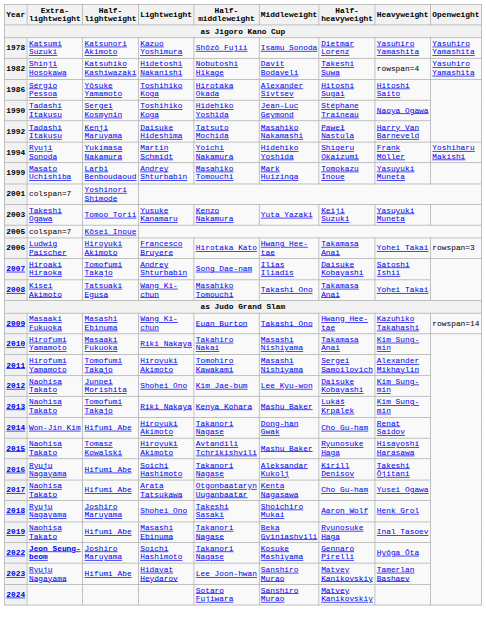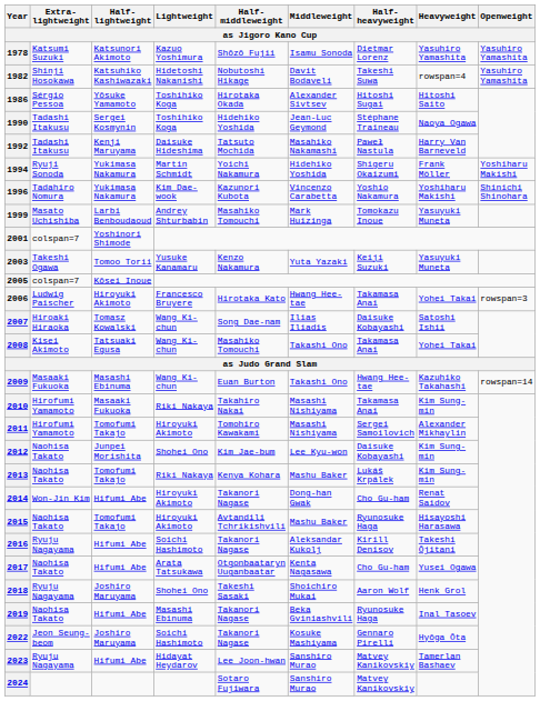 <table class=wikitable style="font-size:85%;">
 <tr>
 <th>Year</th>
 <th>Extra-lightweight</th>
 <th>Half-lightweight</th>
 <th>Lightweight</th>
 <th>Half-middleweight</th>
 <th>Middleweight</th>
 <th>Half-heavyweight</th>
 <th>Heavyweight</th>
 <th>Openweight</th>
 </tr>
 <tr>
 <th colspan=9>as Jigoro Kano Cup</th>
 </tr>
 <tr>
 <th>1978</th>
 <td> <a href='#'>Katsumi Suzuki</a></td>
 <td> <a href='#'>Katsunori Akimoto</a></td>
 <td> <a href='#'>Kazuo Yoshimura</a></td>
 <td> <a href='#'>Shōzō Fujii</a></td>
 <td> <a href='#'>Isamu Sonoda</a></td>
 <td> <a href='#'>Dietmar Lorenz</a></td>
 <td> <a href='#'>Yasuhiro Yamashita</a></td>
 <td> <a href='#'>Yasuhiro Yamashita</a></td>
 </tr>
 <tr>
 <th>1982</th>
 <td> <a href='#'>Shinji Hosokawa</a></td>
 <td> <a href='#'>Katsuhiko Kashiwazaki</a></td>
 <td> <a href='#'>Hidetoshi Nakanishi</a></td>
 <td> <a href='#'>Nobutoshi Hikage</a></td>
 <td> <a href='#'>Davit Bodaveli</a></td>
 <td> <a href='#'>Takeshi Suwa</a></td>
 <td>rowspan=4 </td>
 <td> <a href='#'>Yasuhiro Yamashita</a></td>
 </tr>
 <tr>
 <th>1986</th>
 <td> <a href='#'>Sérgio Pessoa</a></td>
 <td> <a href='#'>Yōsuke Yamamoto</a></td>
 <td> <a href='#'>Toshihiko Koga</a></td>
 <td> <a href='#'>Hirotaka Okada</a></td>
 <td> <a href='#'>Alexander Sivtsev</a></td>
 <td> <a href='#'>Hitoshi Sugai</a></td>
 <td> <a href='#'>Hitoshi Saito</a></td>
 </tr>
 <tr>
 <th>1990</th>
 <td> <a href='#'>Tadashi Itakusu</a></td>
 <td> <a href='#'>Sergei Kosmynin</a></td>
 <td> <a href='#'>Toshihiko Koga</a></td>
 <td> <a href='#'>Hidehiko Yoshida</a></td>
 <td> <a href='#'>Jean-Luc Geymond</a></td>
 <td> <a href='#'>Stéphane Traineau</a></td>
 <td> <a href='#'>Naoya Ogawa</a></td>
 </tr>
 <tr>
 <th>1992</th>
 <td> <a href='#'>Tadashi Itakusu</a></td>
 <td> <a href='#'>Kenji Maruyama</a></td>
 <td> <a href='#'>Daisuke Hideshima</a></td>
 <td> <a href='#'>Tatsuto Mochida</a></td>
 <td> <a href='#'>Masahiko Nakamashi</a></td>
 <td> <a href='#'>Paweł Nastula</a></td>
 <td> <a href='#'>Harry Van Barneveld</a></td>
 </tr>
 <tr>
 <th>1994</th>
 <td> <a href='#'>Ryuji Sonoda</a></td>
 <td> <a href='#'>Yukimasa Nakamura</a></td>
 <td> <a href='#'>Martin Schmidt</a></td>
 <td> <a href='#'>Yoichi Nakamura</a></td>
 <td> <a href='#'>Hidehiko Yoshida</a></td>
 <td> <a href='#'>Shigeru Okaizumi</a></td>
 <td> <a href='#'>Frank Möller</a></td>
 <td> <a href='#'>Yoshiharu Makishi</a></td>
 </tr>
 <tr>
+<th>1996</th>
+<td> <a href='#'>Tadahiro Nomura</a></td>
+<td> <a href='#'>Yukimasa Nakamura</a></td>
+<td> <a href='#'>Kim Dae-wook</a></td>
+<td> <a href='#'>Kazunori Kubota</a></td>
+<td> <a href='#'>Vincenzo Carabetta</a></td>
+<td> <a href='#'>Yoshio Nakamura</a></td>
+<td> <a href='#'>Yoshiharu Makishi</a></td>
+<td> <a href='#'>Shinichi Shinohara</a></td>
+</tr>
+<tr>
 <th>1999</th>
 <td> <a href='#'>Masato Uchishiba</a></td>
 <td> <a href='#'>Larbi Benboudaoud</a></td>
 <td> <a href='#'>Andrey Shturbabin</a></td>
 <td> <a href='#'>Masahiko Tomouchi</a></td>
 <td> <a href='#'>Mark Huizinga</a></td>
 <td> <a href='#'>Tomokazu Inoue</a></td>
 <td> <a href='#'>Yasuyuki Muneta</a></td>
 <td></td>
 </tr>
 <tr>
 <th>2001</th>
 <td>colspan=7 </td>
 <td> <a href='#'>Yoshinori Shimode</a></td>
 </tr>
 <tr>
 <th>2003</th>
 <td> <a href='#'>Takeshi Ogawa</a></td>
 <td> <a href='#'>Tomoo Torii</a></td>
 <td> <a href='#'>Yusuke Kanamaru</a></td>
 <td> <a href='#'>Kenzo Nakamura</a></td>
 <td> <a href='#'>Yuta Yazaki</a></td>
 <td> <a href='#'>Keiji Suzuki</a></td>
 <td> <a href='#'>Yasuyuki Muneta</a></td>
 <td></td>
 </tr>
 <tr>
 <th>2005</th>
 <td>colspan=7 </td>
 <td> <a href='#'>Kōsei Inoue</a></td>
 </tr>
 <tr>
 <th>2006</th>
 <td> <a href='#'>Ludwig Paischer</a></td>
 <td> <a href='#'>Hiroyuki Akimoto</a></td>
 <td> <a href='#'>Francesco Bruyere</a></td>
 <td> <a href='#'>Hirotaka Kato</a></td>
 <td> <a href='#'>Hwang Hee-tae</a></td>
 <td> <a href='#'>Takamasa Anai</a></td>
 <td> <a href='#'>Yohei Takai</a></td>
 <td>rowspan=3 </td>
 </tr>
 <tr>
 <th><a href='#'>2007</a></th>
 <td> <a href='#'>Hiroaki Hiraoka</a></td>
-<td> <a href='#'>Tomofumi Takajo</a></td>
-<td> <a href='#'>Andrey Shturbabin</a></td>
+<td> <a href='#'>Tomasz Kowalski</a></td>
+<td> <a href='#'>Wang Ki-chun</a></td>
 <td> <a href='#'>Song Dae-nam</a></td>
 <td> <a href='#'>Ilias Iliadis</a></td>
 <td>  <a href='#'>Daisuke Kobayashi</a></td>
 <td> <a href='#'>Satoshi Ishii</a></td>
 </tr>
 <tr>
 <th><a href='#'>2008</a></th>
 <td> <a href='#'>Kisei Akimoto</a></td>
 <td> <a href='#'>Tatsuaki Egusa</a></td>
 <td> <a href='#'>Wang Ki-chun</a></td>
 <td> <a href='#'>Masahiko Tomouchi</a></td>
 <td> <a href='#'>Takashi Ono</a></td>
 <td> <a href='#'>Takamasa Anai</a></td>
 <td> <a href='#'>Yohei Takai</a></td>
 </tr>
 <tr>
 <th colspan=9>as Judo Grand Slam</th>
 </tr>
 <tr>
 <th><a href='#'>2009</a></th>
 <td> <a href='#'>Masaaki Fukuoka</a></td>
 <td> <a href='#'>Masashi Ebinuma</a></td>
 <td> <a href='#'>Wang Ki-chun</a></td>
 <td> <a href='#'>Euan Burton</a></td>
 <td> <a href='#'>Takashi Ono</a></td>
 <td> <a href='#'>Hwang Hee-tae</a></td>
 <td> <a href='#'>Kazuhiko Takahashi</a></td>
 <td>rowspan=14 </td>
 </tr>
 <tr>
 <th><a href='#'>2010</a></th>
 <td> <a href='#'>Hirofumi Yamamoto</a></td>
 <td> <a href='#'>Masaaki Fukuoka</a></td>
 <td> <a href='#'>Riki Nakaya</a></td>
 <td> <a href='#'>Takahiro Nakai</a></td>
 <td> <a href='#'>Masashi Nishiyama</a></td>
 <td> <a href='#'>Takamasa Anai</a></td>
 <td> <a href='#'>Kim Sung-min</a></td>
 </tr>
 <tr>
 <th><a href='#'>2011</a></th>
 <td> <a href='#'>Hirofumi Yamamoto</a></td>
 <td> <a href='#'>Tomofumi Takajo</a></td>
 <td> <a href='#'>Hiroyuki Akimoto</a></td>
 <td> <a href='#'>Tomohiro Kawakami</a></td>
 <td> <a href='#'>Masashi Nishiyama</a></td>
 <td> <a href='#'>Sergei Samoilovich</a></td>
 <td> <a href='#'>Alexander Mikhaylin</a></td>
 </tr>
 <tr>
 <th><a href='#'>2012</a></th>
 <td> <a href='#'>Naohisa Takato</a></td>
 <td> <a href='#'>Junpei Morishita</a></td>
 <td> <a href='#'>Shohei Ono</a></td>
 <td> <a href='#'>Kim Jae-bum</a></td>
 <td> <a href='#'>Lee Kyu-won</a></td>
 <td> <a href='#'>Daisuke Kobayashi</a></td>
 <td> <a href='#'>Kim Sung-min</a></td>
 </tr>
 <tr>
 <th><a href='#'>2013</a></th>
 <td> <a href='#'>Naohisa Takato</a></td>
 <td> <a href='#'>Tomofumi Takajo</a></td>
 <td> <a href='#'>Riki Nakaya</a></td>
 <td> <a href='#'>Kenya Kohara</a></td>
 <td> <a href='#'>Mashu Baker</a></td>
 <td> <a href='#'>Lukáš Krpálek</a></td>
 <td> <a href='#'>Kim Sung-min</a></td>
 </tr>
 <tr>
 <th><a href='#'>2014</a></th>
 <td> <a href='#'>Won-Jin Kim</a></td>
 <td> <a href='#'>Hifumi Abe</a></td>
 <td> <a href='#'>Hiroyuki Akimoto</a></td>
 <td> <a href='#'>Takanori Nagase</a></td>
 <td> <a href='#'>Dong-han Gwak</a></td>
 <td> <a href='#'>Cho Gu-ham</a></td>
 <td> <a href='#'>Renat Saidov</a></td>
 </tr>
 <tr>
 <th><a href='#'>2015</a></th>
 <td> <a href='#'>Naohisa Takato</a></td>
-<td> <a href='#'>Tomasz Kowalski</a></td>
+<td> <a href='#'>Tomofumi Takajo</a></td>
 <td> <a href='#'>Hiroyuki Akimoto</a></td>
 <td> <a href='#'>Avtandili Tchrikishvili</a></td>
 <td> <a href='#'>Mashu Baker</a></td>
 <td> <a href='#'>Ryunosuke Haga</a></td>
 <td> <a href='#'>Hisayoshi Harasawa</a></td>
 </tr>
 <tr>
 <th><a href='#'>2016</a></th>
 <td> <a href='#'>Ryuju Nagayama</a></td>
 <td> <a href='#'>Hifumi Abe</a></td>
 <td> <a href='#'>Soichi Hashimoto</a></td>
 <td> <a href='#'>Takanori Nagase</a></td>
 <td> <a href='#'>Aleksandar Kukolj</a></td>
 <td> <a href='#'>Kirill Denisov</a></td>
 <td> <a href='#'>Takeshi Ōjitani</a></td>
 </tr>
 <tr>
 <th><a href='#'>2017</a></th>
 <td> <a href='#'>Naohisa Takato</a></td>
 <td> <a href='#'>Hifumi Abe</a></td>
 <td> <a href='#'>Arata Tatsukawa</a></td>
 <td> <a href='#'>Otgonbaataryn Uuganbaatar</a></td>
 <td> <a href='#'>Kenta Nagasawa</a></td>
 <td> <a href='#'>Cho Gu-ham</a></td>
 <td> <a href='#'>Yusei Ogawa</a></td>
 </tr>
 <tr>
 <th><a href='#'>2018</a></th>
 <td> <a href='#'>Ryuju Nagayama</a></td>
 <td> <a href='#'>Joshiro Maruyama</a></td>
 <td> <a href='#'>Shohei Ono</a></td>
 <td> <a href='#'>Takeshi Sasaki</a></td>
 <td> <a href='#'>Shoichiro Mukai</a></td>
 <td> <a href='#'>Aaron Wolf</a></td>
 <td> <a href='#'>Henk Grol</a></td>
 </tr>
 <tr>
 <th><a href='#'>2019</a></th>
 <td> <a href='#'>Naohisa Takato</a></td>
 <td> <a href='#'>Hifumi Abe</a></td>
 <td> <a href='#'>Masashi Ebinuma</a></td>
 <td> <a href='#'>Takanori Nagase</a></td>
 <td> <a href='#'>Beka Gviniashvili</a></td>
 <td> <a href='#'>Ryunosuke Haga</a></td>
 <td> <a href='#'>Inal Tasoev</a></td>
 </tr>
 <tr>
 <th><a href='#'>2022</a></th>
-<td><strong> <a href='#'>Jeon Seung-beom</a></strong></td>
+<td> <a href='#'>Jeon Seung-beom</a></td>
 <td> <a href='#'>Joshiro Maruyama</a></td>
 <td> <a href='#'>Soichi Hashimoto</a></td>
 <td> <a href='#'>Takanori Nagase</a></td>
 <td> <a href='#'>Kosuke Mashiyama</a></td>
 <td> <a href='#'>Gennaro Pirelli</a></td>
 <td> <a href='#'>Hyōga Ōta</a></td>
 </tr>
 <tr>
 <th><a href='#'>2023</a></th>
 <td> <a href='#'>Ryuju Nagayama</a></td>
 <td> <a href='#'>Hifumi Abe</a></td>
 <td> <a href='#'>Hidayat Heydarov</a></td>
 <td> <a href='#'>Lee Joon-hwan</a></td>
 <td> <a href='#'>Sanshiro Murao</a></td>
 <td> <a href='#'>Matvey Kanikovskiy</a></td>
 <td> <a href='#'>Tamerlan Bashaev</a></td>
 </tr>
 <tr>
 <th><a href='#'>2024</a></th>
 <td> </td>
 <td> </td>
 <td> </td>
 <td> <a href='#'>Sotaro Fujiwara</a></td>
 <td> <a href='#'>Sanshiro Murao</a></td>
 <td> <a href='#'>Matvey Kanikovskiy</a></td>
 <td> </td>
 </tr>
 </table>
